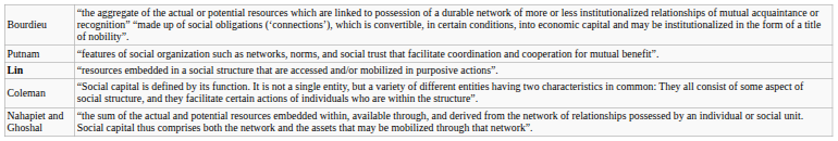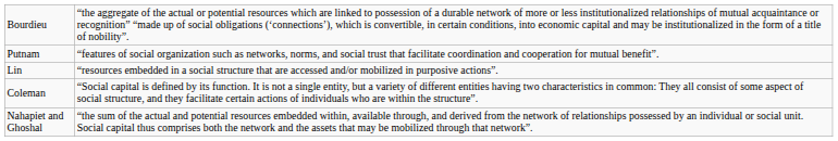 <table class="wikitable">
 <tr>
 <td>Bourdieu</td>
 <td>“the aggregate of the actual or potential resources which are linked to possession of a durable network of more or less institutionalized relationships of mutual acquaintance or recognition” “made up of social obligations (‘connections’), which is convertible, in certain conditions, into economic capital and may be institutionalized in the form of a title of nobility”.</td>
 </tr>
 <tr>
 <td>Putnam</td>
 <td>“features of social organization such as networks, norms, and social trust that facilitate coordination and cooperation for mutual benefit”.</td>
 </tr>
 <tr>
-<td><strong>Lin</strong></td>
+<td>Lin</td>
 <td>“resources embedded in a social structure that are accessed and/or mobilized in purposive actions”.</td>
 </tr>
 <tr>
 <td>Coleman</td>
 <td>“Social capital is defined by its function. It is not a single entity, but a variety of different entities having two characteristics in common: They all consist of some aspect of social structure, and they facilitate certain actions of individuals who are within the structure”.</td>
 </tr>
 <tr>
 <td>Nahapiet and Ghoshal</td>
 <td>“the sum of the actual and potential resources embedded within, available through, and derived from the network of relationships possessed by an individual or social unit. Social capital thus comprises both the network and the assets that may be mobilized through that network”.</td>
 </tr>
 </table>
